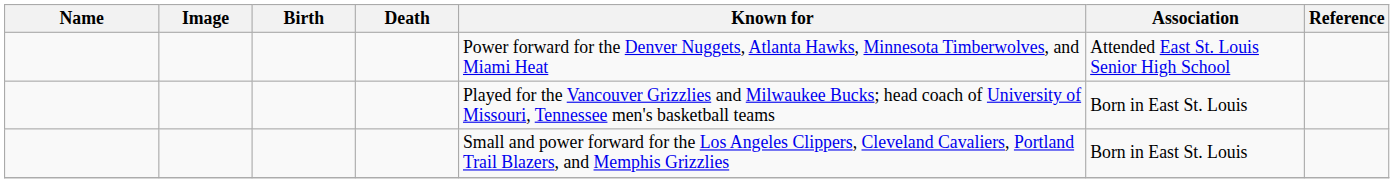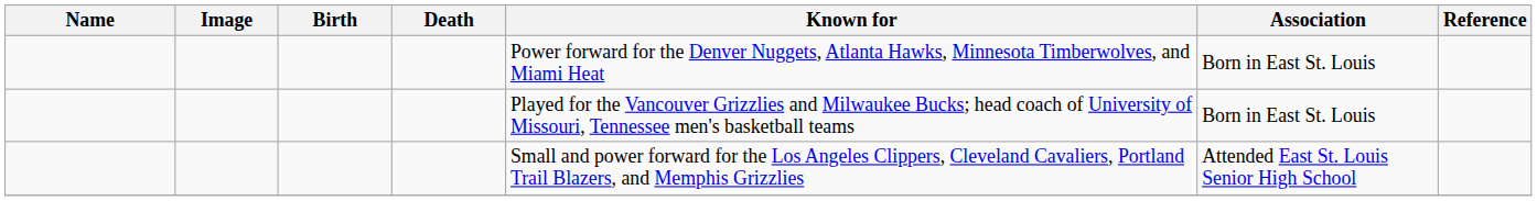 <table class="wikitable sortable">
 <tr>
 <th scope="col" width="140">Name</th>
 <th scope="col" width="80" class="unsortable">Image</th>
 <th scope="col" width="90">Birth</th>
 <th scope="col" width="90">Death</th>
 <th scope="col" width="600" class="unsortable">Known for</th>
 <th scope="col" width="200" class="unsortable">Association</th>
 <th scope="col" width="30" class="unsortable">Reference</th>
 </tr>
 <tr>
 <td></td>
 <td></td>
 <td align=right></td>
 <td align=right></td>
 <td>Power forward for the <a href='#'>Denver Nuggets</a>, <a href='#'>Atlanta Hawks</a>, <a href='#'>Minnesota Timberwolves</a>, and <a href='#'>Miami Heat</a></td>
-<td>Attended <a href='#'>East St. Louis Senior High School</a></td>
+<td>Born in East St. Louis</td>
 <td align="center"></td>
 </tr>
 <tr>
 <td></td>
 <td></td>
 <td align=right></td>
 <td align=right></td>
 <td>Played for the <a href='#'>Vancouver Grizzlies</a> and <a href='#'>Milwaukee Bucks</a>; head coach of <a href='#'>University of Missouri</a>, <a href='#'>Tennessee</a> men's basketball teams</td>
 <td>Born in East St. Louis</td>
 <td align="center"></td>
 </tr>
 <tr>
 <td></td>
 <td></td>
 <td align=right></td>
 <td align=right></td>
 <td>Small and power forward for the <a href='#'>Los Angeles Clippers</a>, <a href='#'>Cleveland Cavaliers</a>, <a href='#'>Portland Trail Blazers</a>, and <a href='#'>Memphis Grizzlies</a></td>
-<td>Born in East St. Louis</td>
+<td>Attended <a href='#'>East St. Louis Senior High School</a></td>
 <td align="center"></td>
 </tr>
 <tr>
 </tr>
 </table>
